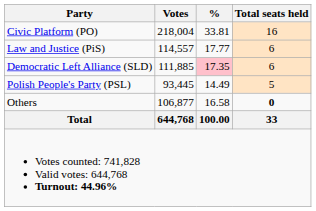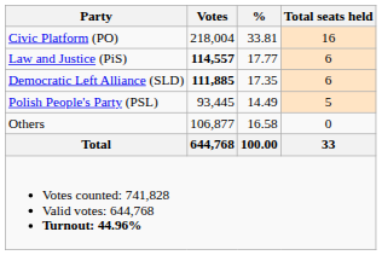 <table class="wikitable">
 <tr>
 <th rowspan=1>Party</th>
 <th rowspan=1>Votes</th>
 <th rowspan=1>%</th>
 <th colspan=1>Total seats held</th>
 </tr>
 <tr align=center>
 <td align=left><a href='#'>Civic Platform</a> (PO)</td>
 <td align=right>218,004</td>
 <td align=right>33.81</td>
 <td bgcolor=#FFE4C4>16</td>
 </tr>
 <tr align=center>
 <td align=left><a href='#'>Law and Justice</a> (PiS)</td>
-<td align=right>114,557</td>
+<td align=right><strong>114,557</strong></td>
 <td align=right>17.77</td>
 <td bgcolor=#FFE4C4>6</td>
 </tr>
 <tr align=center>
 <td align=left><a href='#'>Democratic Left Alliance</a> (SLD)</td>
-<td align=right>111,885</td>
-<td align=right style="background: pink;">17.35</td>
+<td align=right><strong>111,885</strong></td>
+<td align=right>17.35</td>
 <td bgcolor=#FFE4C4>6</td>
 </tr>
 <tr align=center>
 <td align=left><a href='#'>Polish People's Party</a> (PSL)</td>
 <td align=right>93,445</td>
 <td align=right>14.49</td>
 <td bgcolor=#FFE4C4>5</td>
 </tr>
 <tr align=center>
 <td align=left>Others</td>
 <td align=right>106,877</td>
 <td align=right>16.58</td>
-<td><strong>0</strong></td>
+<td>0</td>
 </tr>
 <tr>
 <th>Total</th>
 <th>644,768</th>
 <th>100.00</th>
 <th>33</th>
 </tr>
 <tr>
 <td colspan=4><br><ul><li>Votes counted: 741,828</li><li>Valid votes: 644,768</li><li><strong>Turnout: 44.96%</strong></li></ul></td>
 </tr>
 </table>
